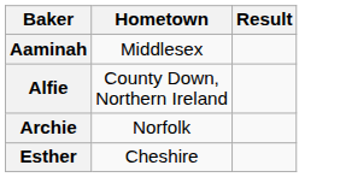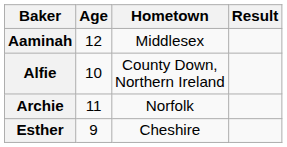 <table class="wikitable sortable" style="display:inline-table; text-align:center">
 <tr>
 <th scope="col">Baker</th>
+<th scope="col">Age</th>
 <th scope="col">Hometown</th>
 <th scope="col">Result</th>
 </tr>
 <tr>
 <th scope="row">Aaminah</th>
+<td>12</td>
 <td>Middlesex</td>
 <td></td>
 </tr>
 <tr>
 <th scope="row">Alfie</th>
+<td>10</td>
 <td>County Down,<br>Northern Ireland</td>
 <td></td>
 </tr>
 <tr>
 <th scope="row">Archie</th>
+<td>11</td>
 <td>Norfolk</td>
 <td></td>
 </tr>
 <tr>
 <th scope="row">Esther</th>
+<td>9</td>
 <td>Cheshire</td>
 <td></td>
 </tr>
 </table>
